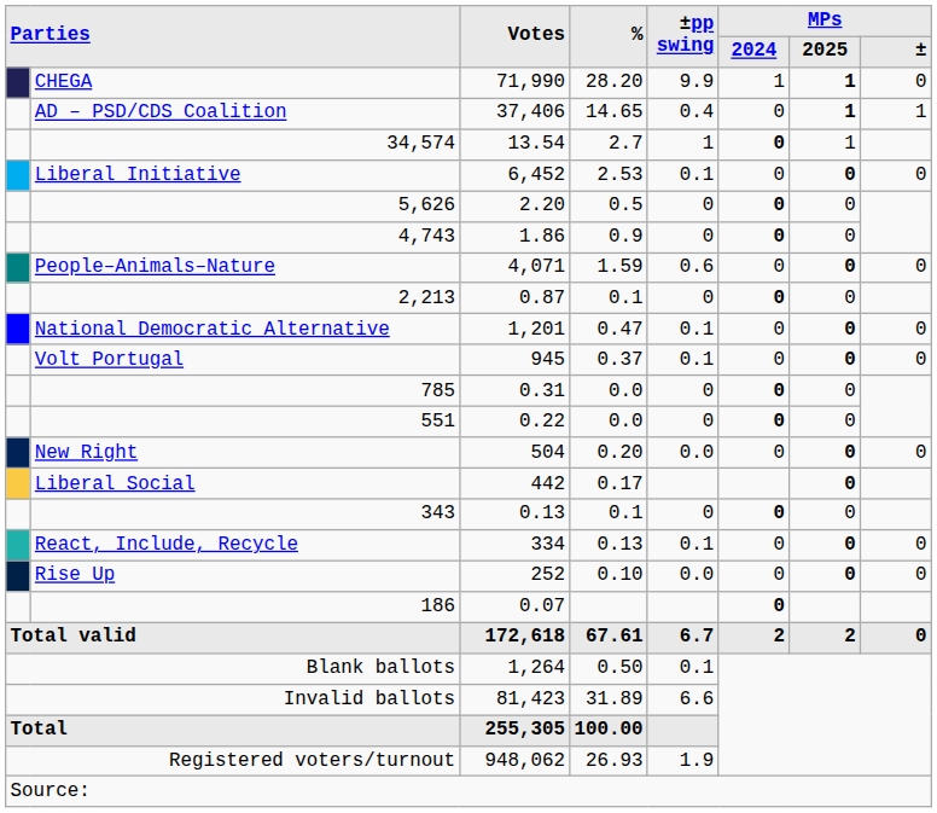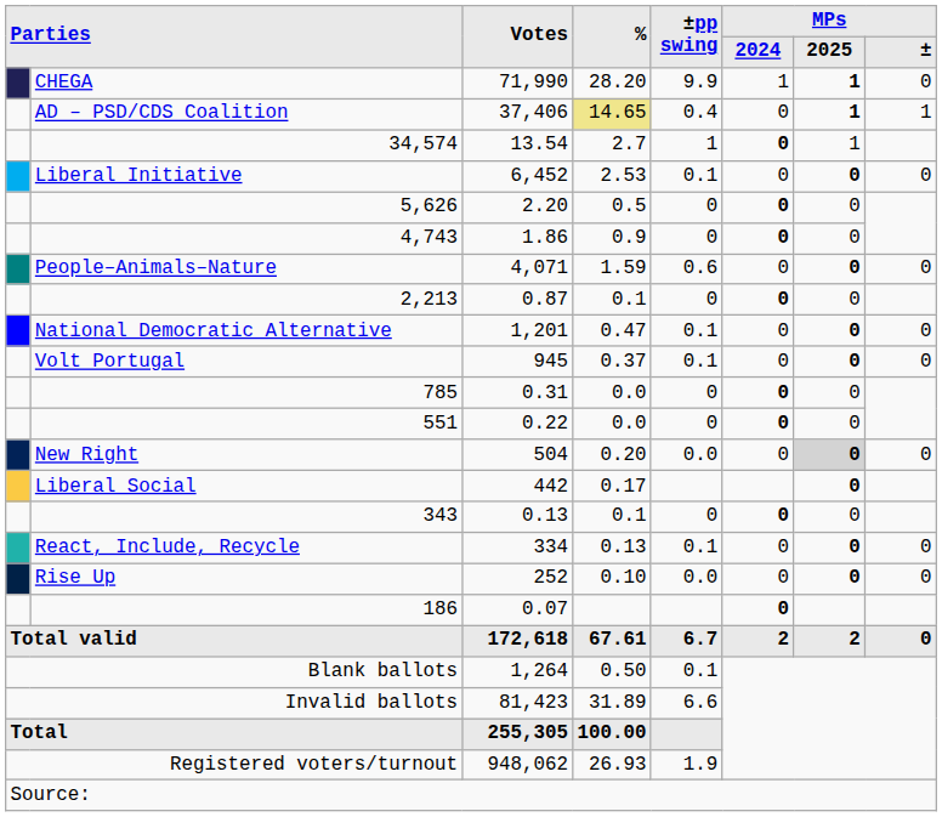 <table class="wikitable" style="text-align:right; font-size:95%;">
 <tr>
 <th rowspan="2" colspan="2" style="background:#e9e9e9; text-align:left;" alignleft><a href='#'>Parties</a></th>
 <th rowspan="2" style="background:#e9e9e9; text-align:right;">Votes</th>
 <th rowspan="2" style="background:#e9e9e9; text-align:right;">%</th>
 <th rowspan="2" style="background:#e9e9e9; text-align:right;">±<a href='#'>pp</a> <a href='#'>swing</a></th>
 <th colspan="3" style="background:#e9e9e9; text-align:center;"><a href='#'>MPs</a></th>
 </tr>
 <tr style="background-color:#E9E9E9">
 <th style="background-color:#E9E9E9;text-align:center;"><a href='#'>2024</a></th>
 <th style="background-color:#E9E9E9;text-align:center;">2025</th>
 <th style="background:#e9e9e9; text-align:right;">±</th>
 </tr>
 <tr>
 <td style="width: 10px" bgcolor="#202056" align="center"></td>
 <td align="left"><a href='#'>CHEGA</a></td>
 <td>71,990</td>
 <td>28.20</td>
 <td>9.9</td>
 <td>1</td>
 <td><strong>1</strong></td>
 <td>0</td>
 </tr>
 <tr>
 <td style="width: 10px"></td>
 <td align="left"><a href='#'>AD – PSD/CDS Coalition</a> </td>
 <td>37,406</td>
-<td>14.65</td>
+<td style="background: khaki;">14.65</td>
 <td>0.4</td>
 <td>0</td>
 <td><strong>1</strong></td>
 <td>1</td>
 </tr>
 <tr>
 <td></td>
 <td>34,574</td>
 <td>13.54</td>
 <td>2.7</td>
 <td>1</td>
 <td><strong>0</strong></td>
 <td>1</td>
 </tr>
 <tr>
 <td align="center" style="width: 10px" bgcolor="#00ADEF"></td>
 <td align="left"><a href='#'>Liberal Initiative</a></td>
 <td>6,452</td>
 <td>2.53</td>
 <td>0.1</td>
 <td>0</td>
 <td><strong>0</strong></td>
 <td>0</td>
 </tr>
 <tr>
 <td></td>
 <td>5,626</td>
 <td>2.20</td>
 <td>0.5</td>
 <td>0</td>
 <td><strong>0</strong></td>
 <td>0</td>
 </tr>
 <tr>
 <td></td>
 <td>4,743</td>
 <td>1.86</td>
 <td>0.9</td>
 <td>0</td>
 <td><strong>0</strong></td>
 <td>0</td>
 </tr>
 <tr>
 <td align="center" style="width: 10px" bgcolor="teal"></td>
 <td align="left"><a href='#'>People–Animals–Nature</a></td>
 <td>4,071</td>
 <td>1.59</td>
 <td>0.6</td>
 <td>0</td>
 <td><strong>0</strong></td>
 <td>0</td>
 </tr>
 <tr>
 <td></td>
 <td>2,213</td>
 <td>0.87</td>
 <td>0.1</td>
 <td>0</td>
 <td><strong>0</strong></td>
 <td>0</td>
 </tr>
 <tr>
 <td style="width: 10px" bgcolor="blue" align="center"></td>
 <td align="left"><a href='#'>National Democratic Alternative</a></td>
 <td>1,201</td>
 <td>0.47</td>
 <td>0.1</td>
 <td>0</td>
 <td><strong>0</strong></td>
 <td>0</td>
 </tr>
 <tr>
 <td style="width: 10px"></td>
 <td align="left"><a href='#'>Volt Portugal</a></td>
 <td>945</td>
 <td>0.37</td>
 <td>0.1</td>
 <td>0</td>
 <td><strong>0</strong></td>
 <td>0</td>
 </tr>
 <tr>
 <td></td>
 <td>785</td>
 <td>0.31</td>
 <td>0.0</td>
 <td>0</td>
 <td><strong>0</strong></td>
 <td>0</td>
 </tr>
 <tr>
 <td></td>
 <td>551</td>
 <td>0.22</td>
 <td>0.0</td>
 <td>0</td>
 <td><strong>0</strong></td>
 <td>0</td>
 </tr>
 <tr>
 <td align="center" style="width: 10px" bgcolor="#012257"></td>
 <td align="left"><a href='#'>New Right</a></td>
 <td>504</td>
 <td>0.20</td>
 <td>0.0</td>
 <td>0</td>
-<td><strong>0</strong></td>
+<td style="background: lightgrey;"><strong>0</strong></td>
 <td>0</td>
 </tr>
 <tr>
 <td align="center" style="width: 10px" bgcolor="#fbca44"></td>
 <td align="left"><a href='#'>Liberal Social</a></td>
 <td>442</td>
 <td>0.17</td>
 <td></td>
 <td></td>
 <td><strong>0</strong></td>
 <td></td>
 </tr>
 <tr>
 <td></td>
 <td>343</td>
 <td>0.13</td>
 <td>0.1</td>
 <td>0</td>
 <td><strong>0</strong></td>
 <td>0</td>
 </tr>
 <tr>
 <td align="center" style="width: 10px" bgcolor="LightSeaGreen"></td>
 <td align="left"><a href='#'>React, Include, Recycle</a></td>
 <td>334</td>
 <td>0.13</td>
 <td>0.1</td>
 <td>0</td>
 <td><strong>0</strong></td>
 <td>0</td>
 </tr>
 <tr>
 <td align="center" style="width: 10px" bgcolor="#002147"></td>
 <td align="left"><a href='#'>Rise Up</a></td>
 <td>252</td>
 <td>0.10</td>
 <td>0.0</td>
 <td>0</td>
 <td><strong>0</strong></td>
 <td>0</td>
 </tr>
 <tr>
 <td></td>
 <td>186</td>
 <td>0.07</td>
 <td></td>
 <td></td>
 <td><strong>0</strong></td>
 <td></td>
 </tr>
 <tr>
 <td colspan=2 width="288" align=left style="background-color:#E9E9E9"><strong>Total valid</strong></td>
 <td width="65" align="right" style="background-color:#E9E9E9"><strong>172,618</strong></td>
 <td width="40" align="right" style="background-color:#E9E9E9"><strong>67.61</strong></td>
 <td width="40" align="right" style="background-color:#E9E9E9"><strong>6.7</strong></td>
 <td width="40" align="right" style="background-color:#E9E9E9"><strong>2</strong></td>
 <td width="40" align="right" style="background-color:#E9E9E9"><strong>2</strong></td>
 <td width="40" align="right" style="background-color:#E9E9E9"><strong>0</strong></td>
 </tr>
 <tr>
 <td colspan=2>Blank ballots</td>
 <td>1,264</td>
 <td>0.50</td>
 <td>0.1</td>
 <td colspan=3 rowspan=4></td>
 </tr>
 <tr>
 <td colspan=2>Invalid ballots</td>
 <td>81,423</td>
 <td>31.89</td>
 <td>6.6</td>
 </tr>
 <tr>
 <td colspan=2 align=left style="background-color:#E9E9E9"><strong>Total</strong></td>
 <td width="50" align="right" style="background-color:#E9E9E9"><strong>255,305</strong></td>
 <td width="40" align="right" style="background-color:#E9E9E9"><strong>100.00</strong></td>
 <td width="40" align="right" style="background-color:#E9E9E9"></td>
 </tr>
 <tr>
 <td colspan=2>Registered voters/turnout</td>
 <td>948,062</td>
 <td>26.93</td>
 <td>1.9</td>
 </tr>
 <tr>
 <td colspan=8 align=left>Source: </td>
 </tr>
 </table>
